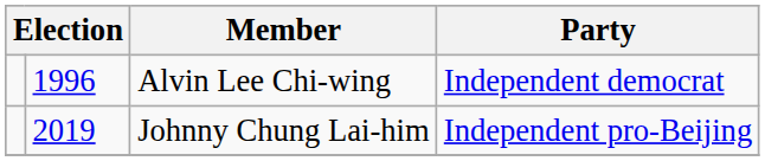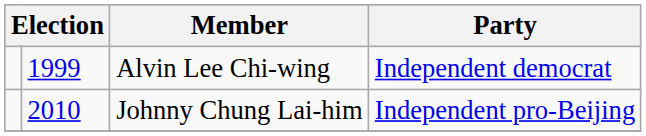 <table class="wikitable">
 <tr>
 <th colspan="2">Election</th>
 <th>Member</th>
 <th>Party</th>
 </tr>
 <tr>
 <td style="background-color: "></td>
-<td><a href='#'>1996</a></td>
+<td><a href='#'>1999</a></td>
 <td>Alvin Lee Chi-wing</td>
 <td><a href='#'>Independent democrat</a></td>
 </tr>
 <tr>
 <td style="background-color: "></td>
-<td><a href='#'>2019</a></td>
+<td><a href='#'>2010</a></td>
 <td>Johnny Chung Lai-him</td>
 <td><a href='#'>Independent pro-Beijing</a></td>
 </tr>
 <tr>
 </tr>
 </table>
